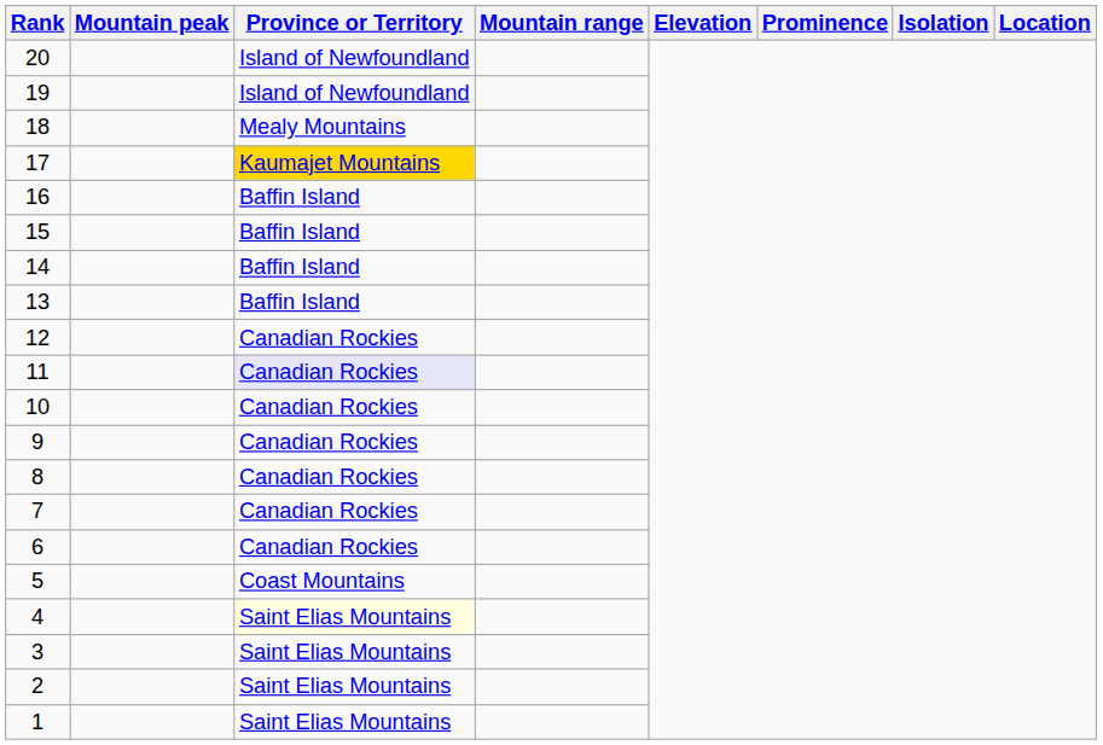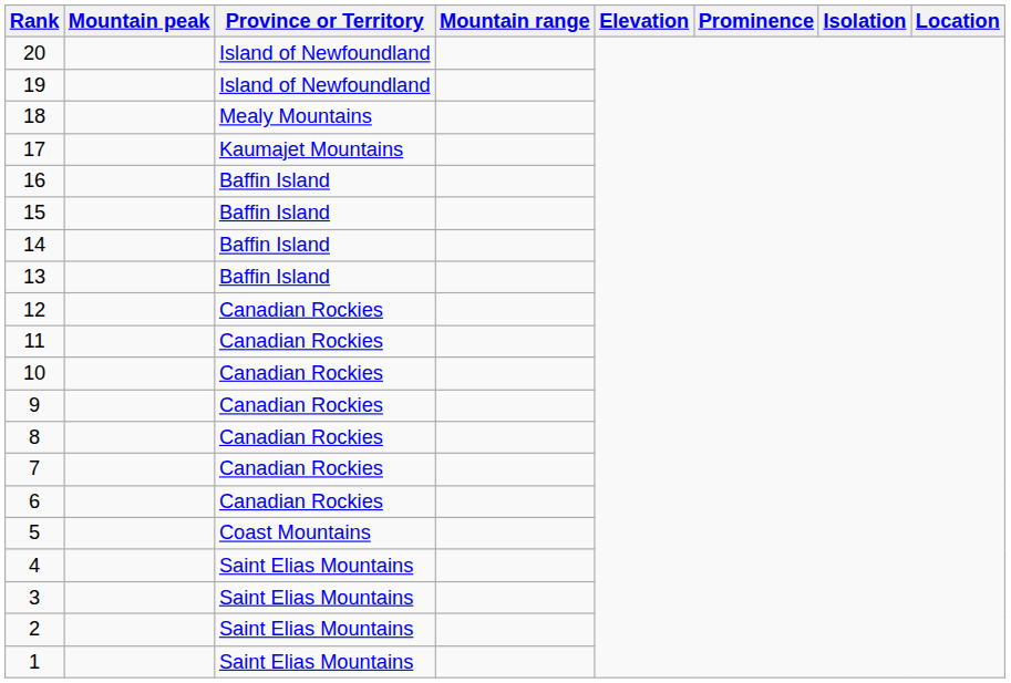 <table class="wikitable sortable">
 <tr>
 <th><a href='#'>Rank</a></th>
 <th><a href='#'>Mountain peak</a></th>
 <th><a href='#'>Province or Territory</a></th>
 <th><a href='#'>Mountain range</a></th>
 <th><a href='#'>Elevation</a></th>
 <th><a href='#'>Prominence</a></th>
 <th><a href='#'>Isolation</a></th>
 <th><a href='#'>Location</a></th>
 </tr>
 <tr>
 <td align=center>20<br></td>
 <td></td>
 <td><a href='#'>Island of Newfoundland</a><br></td>
 <td></td>
 </tr>
 <tr>
 <td align=center>19<br></td>
 <td></td>
 <td><a href='#'>Island of Newfoundland</a><br></td>
 <td></td>
 </tr>
 <tr>
 <td align=center>18<br></td>
 <td></td>
 <td><a href='#'>Mealy Mountains</a><br></td>
 <td></td>
 </tr>
 <tr>
 <td align=center>17<br></td>
 <td></td>
-<td style="background: gold;"><a href='#'>Kaumajet Mountains</a><br></td>
+<td><a href='#'>Kaumajet Mountains</a><br></td>
 <td></td>
 </tr>
 <tr>
 <td align=center>16<br></td>
 <td></td>
 <td><a href='#'>Baffin Island</a><br></td>
 <td></td>
 </tr>
 <tr>
 <td align=center>15<br></td>
 <td></td>
 <td><a href='#'>Baffin Island</a><br></td>
 <td></td>
 </tr>
 <tr>
 <td align=center>14<br></td>
 <td></td>
 <td><a href='#'>Baffin Island</a><br></td>
 <td></td>
 </tr>
 <tr>
 <td align=center>13<br></td>
 <td></td>
 <td><a href='#'>Baffin Island</a><br></td>
 <td></td>
 </tr>
 <tr>
 <td align=center>12<br></td>
 <td></td>
 <td><a href='#'>Canadian Rockies</a><br></td>
 <td></td>
 </tr>
 <tr>
 <td align=center>11<br></td>
 <td><br></td>
-<td style="background: lavender;"><a href='#'>Canadian Rockies</a><br></td>
+<td><a href='#'>Canadian Rockies</a><br></td>
 <td></td>
 </tr>
 <tr>
 <td align=center>10<br></td>
 <td><br></td>
 <td><a href='#'>Canadian Rockies</a><br></td>
 <td></td>
 </tr>
 <tr>
 <td align=center>9<br></td>
 <td></td>
 <td><a href='#'>Canadian Rockies</a><br></td>
 <td></td>
 </tr>
 <tr>
 <td align=center>8<br></td>
 <td></td>
 <td><a href='#'>Canadian Rockies</a><br></td>
 <td></td>
 </tr>
 <tr>
 <td align=center>7<br></td>
 <td><br></td>
 <td><a href='#'>Canadian Rockies</a><br></td>
 <td></td>
 </tr>
 <tr>
 <td align=center>6<br></td>
 <td></td>
 <td><a href='#'>Canadian Rockies</a><br></td>
 <td></td>
 </tr>
 <tr>
 <td align=center>5<br></td>
 <td></td>
 <td><a href='#'>Coast Mountains</a><br></td>
 <td></td>
 </tr>
 <tr>
 <td align=center>4<br></td>
 <td><br></td>
-<td style="background: lightyellow;"><a href='#'>Saint Elias Mountains</a><br></td>
+<td><a href='#'>Saint Elias Mountains</a><br></td>
 <td></td>
 </tr>
 <tr>
 <td align=center>3<br></td>
 <td></td>
 <td><a href='#'>Saint Elias Mountains</a><br></td>
 <td></td>
 </tr>
 <tr>
 <td align=center>2<br></td>
 <td></td>
 <td><a href='#'>Saint Elias Mountains</a><br></td>
 <td></td>
 </tr>
 <tr>
 <td align=center>1<br></td>
 <td></td>
 <td><a href='#'>Saint Elias Mountains</a><br></td>
 <td></td>
 </tr>
 </table>
